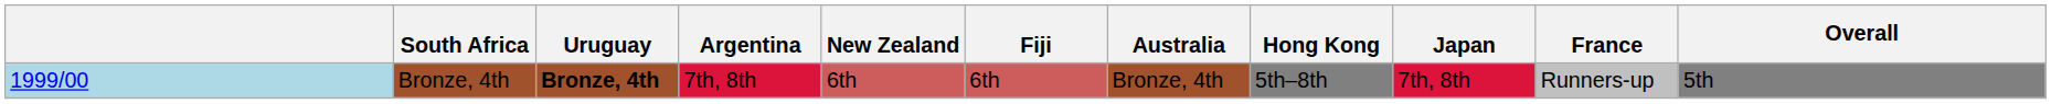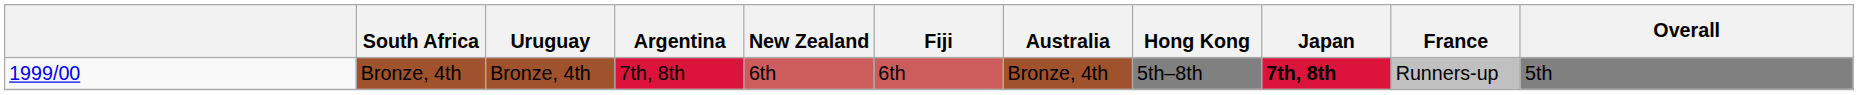 <table class="wikitable">
 <tr>
 <th></th>
 <th width=7%> <br> South Africa</th>
 <th width=7%> <br> Uruguay</th>
 <th width=7%> <br> Argentina</th>
 <th width=7%> <br> New Zealand</th>
 <th width=7%> <br> Fiji</th>
 <th width=7%> <br> Australia</th>
 <th width=7%> <br> Hong Kong</th>
 <th width=7%> <br> Japan</th>
 <th width=7%> <br> France</th>
 <th>Overall</th>
 </tr>
 <tr>
-<td style="background: lightblue;"><a href='#'>1999/00</a></td>
+<td><a href='#'>1999/00</a></td>
 <td style="background: Sienna;">Bronze, 4th</td>
-<td style="background: Sienna;"><strong>Bronze, 4th</strong></td>
+<td style="background: Sienna;">Bronze, 4th</td>
 <td style="background: Crimson;">7th, 8th</td>
 <td style="background: indianred;">6th</td>
 <td style="background: indianred;">6th</td>
 <td style="background: Sienna;">Bronze, 4th</td>
 <td style="background: gray;">5th–8th</td>
-<td style="background: Crimson;">7th, 8th</td>
+<td style="background: Crimson;"><strong>7th, 8th</strong></td>
 <td style="background: silver;">Runners-up</td>
 <td style="background: gray;">5th</td>
 </tr>
 <tr>
 </tr>
 </table>
